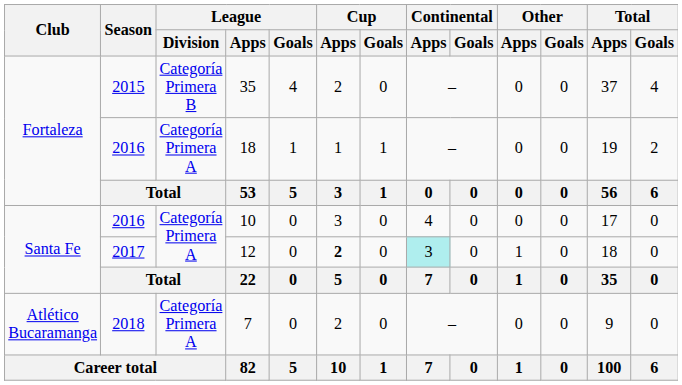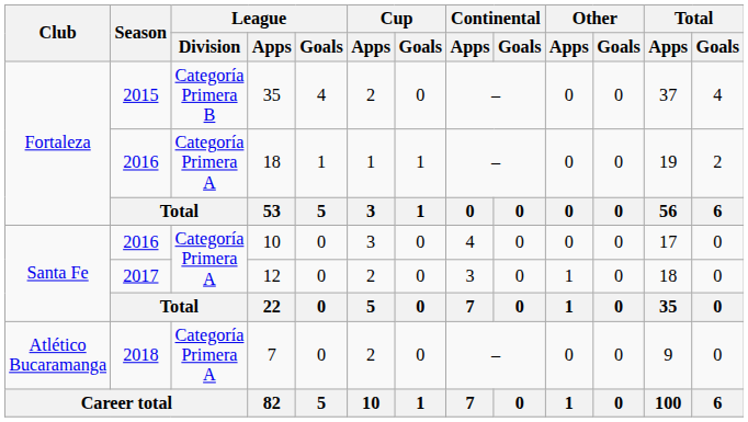 <table class="wikitable" style="text-align: center">
 <tr>
 <th rowspan="2">Club</th>
 <th rowspan="2">Season</th>
 <th colspan="3">League</th>
 <th colspan="2">Cup</th>
 <th colspan="2">Continental</th>
 <th colspan="2">Other</th>
 <th colspan="2">Total</th>
 </tr>
 <tr>
 <th>Division</th>
 <th>Apps</th>
 <th>Goals</th>
 <th>Apps</th>
 <th>Goals</th>
 <th>Apps</th>
 <th>Goals</th>
 <th>Apps</th>
 <th>Goals</th>
 <th>Apps</th>
 <th>Goals</th>
 </tr>
 <tr>
 <td rowspan="3"><a href='#'>Fortaleza</a></td>
 <td><a href='#'>2015</a></td>
 <td><a href='#'>Categoría Primera B</a></td>
 <td>35</td>
 <td>4</td>
 <td>2</td>
 <td>0</td>
 <td colspan="2">–</td>
 <td>0</td>
 <td>0</td>
 <td>37</td>
 <td>4</td>
 </tr>
 <tr>
 <td><a href='#'>2016</a></td>
 <td><a href='#'>Categoría Primera A</a></td>
 <td>18</td>
 <td>1</td>
 <td>1</td>
 <td>1</td>
 <td colspan="2">–</td>
 <td>0</td>
 <td>0</td>
 <td>19</td>
 <td>2</td>
 </tr>
 <tr>
 <th colspan=2>Total</th>
 <th>53</th>
 <th>5</th>
 <th>3</th>
 <th>1</th>
 <th>0</th>
 <th>0</th>
 <th>0</th>
 <th>0</th>
 <th>56</th>
 <th>6</th>
 </tr>
 <tr>
 <td rowspan="3"><a href='#'>Santa Fe</a></td>
 <td><a href='#'>2016</a></td>
 <td rowspan="2"><a href='#'>Categoría Primera A</a></td>
 <td>10</td>
 <td>0</td>
 <td>3</td>
 <td>0</td>
 <td>4</td>
 <td>0</td>
 <td>0</td>
 <td>0</td>
 <td>17</td>
 <td>0</td>
 </tr>
 <tr>
 <td><a href='#'>2017</a></td>
 <td>12</td>
 <td>0</td>
-<td><strong>2</strong></td>
+<td>2</td>
 <td>0</td>
-<td style="background: paleturquoise;">3</td>
+<td>3</td>
 <td>0</td>
 <td>1</td>
 <td>0</td>
 <td>18</td>
 <td>0</td>
 </tr>
 <tr>
 <th colspan=2>Total</th>
 <th>22</th>
 <th>0</th>
 <th>5</th>
 <th>0</th>
 <th>7</th>
 <th>0</th>
 <th>1</th>
 <th>0</th>
 <th>35</th>
 <th>0</th>
 </tr>
 <tr>
 <td><a href='#'>Atlético Bucaramanga</a></td>
 <td><a href='#'>2018</a></td>
 <td><a href='#'>Categoría Primera A</a></td>
 <td>7</td>
 <td>0</td>
 <td>2</td>
 <td>0</td>
 <td colspan="2">–</td>
 <td>0</td>
 <td>0</td>
 <td>9</td>
 <td>0</td>
 </tr>
 <tr>
 <th colspan=3>Career total</th>
 <th>82</th>
 <th>5</th>
 <th>10</th>
 <th>1</th>
 <th>7</th>
 <th>0</th>
 <th>1</th>
 <th>0</th>
 <th>100</th>
 <th>6</th>
 </tr>
 </table>
